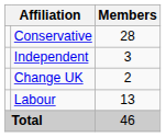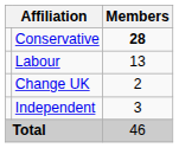 <table class="wikitable">
 <tr>
 <th colspan="2">Affiliation</th>
 <th>Members</th>
 </tr>
 <tr>
 <td></td>
 <td><a href='#'>Conservative</a></td>
-<td style="text-align:center;">28</td>
+<td style="text-align:center;"><strong>28</strong></td>
 </tr>
 <tr>
 <td></td>
-<td><a href='#'>Independent</a></td>
-<td style="text-align:center;">3</td>
+<td><a href='#'>Labour</a></td>
+<td style="text-align:center;">13</td>
 </tr>
 <tr>
 <td></td>
 <td><a href='#'>Change UK</a></td>
 <td style="text-align:center;">2</td>
 </tr>
 <tr>
 <td></td>
-<td><a href='#'>Labour</a></td>
-<td style="text-align:center;">13</td>
+<td><a href='#'>Independent</a></td>
+<td style="text-align:center;">3</td>
 </tr>
 <tr style="background:#ccc;">
 <td colspan="2"> <strong>Total</strong></td>
 <td style="text-align:center;">46</td>
 </tr>
 </table>
